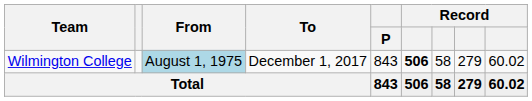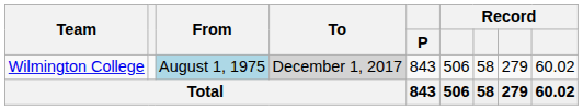 <table class="wikitable" style="text-align:center">
 <tr>
 <th rowspan="2">Team</th>
 <th rowspan="2"></th>
 <th rowspan="2">From</th>
 <th rowspan="2">To</th>
 <th></th>
 <th colspan="4">Record</th>
 </tr>
 <tr>
 <th>P</th>
 <th></th>
 <th></th>
 <th></th>
 <th></th>
 </tr>
 <tr>
 <td align="left"><a href='#'>Wilmington College</a></td>
 <td></td>
 <td align="left" style="background: lightblue;">August 1, 1975</td>
-<td align="left">December 1, 2017</td>
+<td align="left" style="background: lightgrey;">December 1, 2017</td>
 <td>843</td>
-<td style="text-align:center"><strong>506</strong></td>
+<td style="text-align:center">506</td>
 <td style="text-align:center">58</td>
 <td style="text-align:center"><span>279</span></td>
 <td style="text-align:center"><span>60.02</span></td>
 </tr>
 <tr>
 <th colspan="4">Total</th>
 <th>843</th>
 <td style="font-weight:bold;background:#efefef;text-align:center">506</td>
 <td style="font-weight:bold;background:#efefef;text-align:center">58</td>
 <td style="font-weight:bold;background:#efefef;text-align:center">279</td>
 <td style="font-weight:bold;background:#efefef;text-align:center"><span>60.02</span></td>
 </tr>
 </table>
